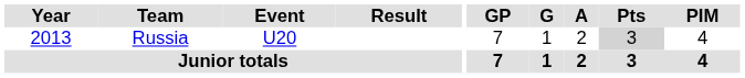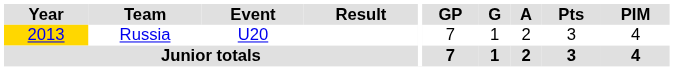 <table border="0" cellpadding="1" cellspacing="0" ID="Table3" style="text-align:center; width:40em">
 <tr ALIGN="center" bgcolor="#e0e0e0">
 <th>Year</th>
 <th>Team</th>
 <th>Event</th>
 <th>Result</th>
 <th rowspan="99" bgcolor="#ffffff"></th>
 <th>GP</th>
 <th>G</th>
 <th>A</th>
 <th>Pts</th>
 <th>PIM</th>
 </tr>
 <tr>
-<td><a href='#'>2013</a></td>
+<td style="background: gold;"><a href='#'>2013</a></td>
 <td><a href='#'>Russia</a></td>
 <td><a href='#'>U20</a></td>
 <td></td>
 <td>7</td>
 <td>1</td>
 <td>2</td>
-<td style="background: lightgrey;">3</td>
+<td>3</td>
 <td>4</td>
 </tr>
 <tr bgcolor=#e0e0e0>
 <th colspan="4">Junior totals</th>
 <th>7</th>
 <th>1</th>
 <th>2</th>
 <th>3</th>
 <th>4</th>
 </tr>
 </table>
